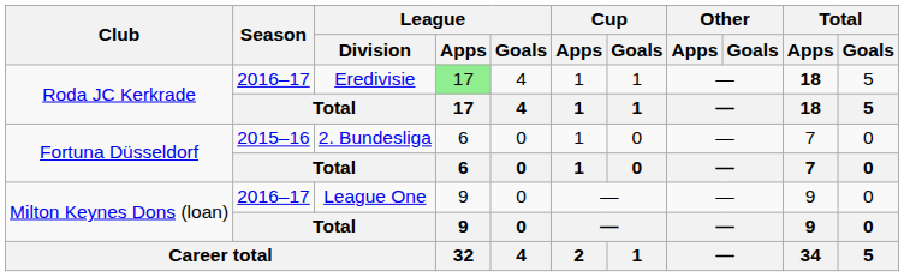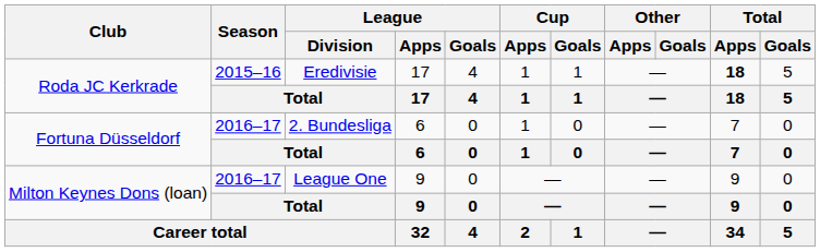 <table class="wikitable" style="text-align: center;">
 <tr>
 <th rowspan="2">Club</th>
 <th rowspan="2">Season</th>
 <th colspan="3">League</th>
 <th colspan="2">Cup </th>
 <th colspan="2">Other</th>
 <th colspan="2">Total</th>
 </tr>
 <tr>
 <th>Division</th>
 <th>Apps</th>
 <th>Goals</th>
 <th>Apps</th>
 <th>Goals</th>
 <th>Apps</th>
 <th>Goals</th>
 <th>Apps</th>
 <th>Goals</th>
 </tr>
 <tr>
 <td rowspan="2"><a href='#'>Roda JC Kerkrade</a></td>
-<td><a href='#'>2016–17</a></td>
+<td><a href='#'>2015–16</a></td>
 <td><a href='#'>Eredivisie</a></td>
-<td style="background: lightgreen;">17</td>
+<td>17</td>
 <td>4</td>
 <td>1</td>
 <td>1</td>
 <td colspan="2">—</td>
 <td><strong>18</strong></td>
 <td>5</td>
 </tr>
 <tr>
 <th colspan="2">Total</th>
 <th>17</th>
 <th>4</th>
 <th>1</th>
 <th>1</th>
 <th colspan="2">—</th>
 <th>18</th>
 <th>5</th>
 </tr>
 <tr>
 <td rowspan="2"><a href='#'>Fortuna Düsseldorf</a></td>
-<td><a href='#'>2015–16</a></td>
+<td><a href='#'>2016–17</a></td>
 <td><a href='#'>2. Bundesliga</a></td>
 <td>6</td>
 <td>0</td>
 <td>1</td>
 <td>0</td>
 <td colspan="2">—</td>
 <td>7</td>
 <td>0</td>
 </tr>
 <tr>
 <th colspan="2">Total</th>
 <th>6</th>
 <th>0</th>
 <th>1</th>
 <th>0</th>
 <th colspan="2">—</th>
 <th>7</th>
 <th>0</th>
 </tr>
 <tr>
 <td rowspan="2"><a href='#'>Milton Keynes Dons</a> (loan)</td>
 <td><a href='#'>2016–17</a></td>
 <td><a href='#'>League One</a></td>
 <td>9</td>
 <td>0</td>
 <td colspan="2">—</td>
 <td colspan="2">—</td>
 <td>9</td>
 <td>0</td>
 </tr>
 <tr>
 <th colspan="2">Total</th>
 <th>9</th>
 <th>0</th>
 <th colspan="2">—</th>
 <th colspan="2">—</th>
 <th>9</th>
 <th>0</th>
 </tr>
 <tr>
 <th colspan="3">Career total</th>
 <th>32</th>
 <th>4</th>
 <th>2</th>
 <th>1</th>
 <th colspan="2">—</th>
 <th>34</th>
 <th>5</th>
 </tr>
 </table>
